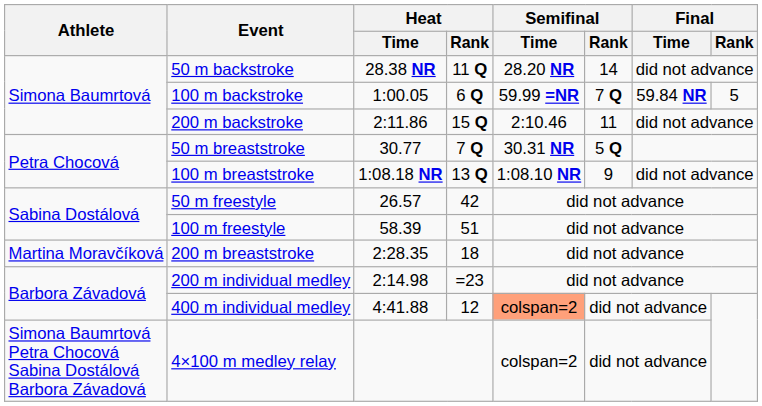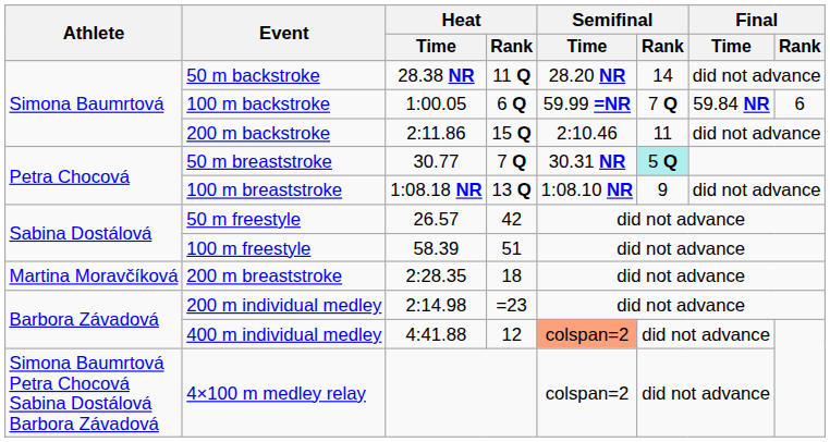 <table class=wikitable style="font-size:90%">
 <tr>
 <th rowspan="2">Athlete</th>
 <th rowspan="2">Event</th>
 <th colspan="2">Heat</th>
 <th colspan="2">Semifinal</th>
 <th colspan="2">Final</th>
 </tr>
 <tr style="font-size:95%">
 <th>Time</th>
 <th>Rank</th>
 <th>Time</th>
 <th>Rank</th>
 <th>Time</th>
 <th>Rank</th>
 </tr>
 <tr align=center>
 <td align=left rowspan=3><a href='#'>Simona Baumrtová</a></td>
 <td align=left><a href='#'>50 m backstroke</a></td>
 <td>28.38 <strong><a href='#'>NR</a></strong></td>
 <td>11 <strong>Q</strong></td>
 <td>28.20 <strong><a href='#'>NR</a></strong></td>
 <td>14</td>
 <td colspan=2>did not advance</td>
 </tr>
 <tr align=center>
 <td align=left><a href='#'>100 m backstroke</a></td>
 <td>1:00.05</td>
 <td>6 <strong>Q</strong></td>
 <td>59.99 <strong><a href='#'>=NR</a></strong></td>
 <td>7 <strong>Q</strong></td>
 <td>59.84 <strong><a href='#'>NR</a></strong></td>
-<td>5</td>
+<td>6</td>
 </tr>
 <tr align=center>
 <td align=left><a href='#'>200 m backstroke</a></td>
 <td>2:11.86</td>
 <td>15 <strong>Q</strong></td>
 <td>2:10.46</td>
 <td>11</td>
 <td colspan=2>did not advance</td>
 </tr>
 <tr align=center>
 <td align=left rowspan=2><a href='#'>Petra Chocová</a></td>
 <td align=left><a href='#'>50 m breaststroke</a></td>
 <td>30.77</td>
 <td>7 <strong>Q</strong></td>
 <td>30.31 <strong><a href='#'>NR</a></strong></td>
-<td>5 <strong>Q</strong></td>
+<td style="background: paleturquoise;">5 <strong>Q</strong></td>
 <td colspan=2></td>
 </tr>
 <tr align=center>
 <td align=left><a href='#'>100 m breaststroke</a></td>
 <td>1:08.18 <strong><a href='#'>NR</a></strong></td>
 <td>13 <strong>Q</strong></td>
 <td>1:08.10 <strong><a href='#'>NR</a></strong></td>
 <td>9</td>
 <td colspan=2>did not advance</td>
 </tr>
 <tr align=center>
 <td align=left rowspan=2><a href='#'>Sabina Dostálová</a></td>
 <td align=left><a href='#'>50 m freestyle</a></td>
 <td>26.57</td>
 <td>42</td>
 <td colspan=4>did not advance</td>
 </tr>
 <tr align=center>
 <td align=left><a href='#'>100 m freestyle</a></td>
 <td>58.39</td>
 <td>51</td>
 <td colspan=4>did not advance</td>
 </tr>
 <tr align=center>
 <td align=left><a href='#'>Martina Moravčíková</a></td>
 <td align=left><a href='#'>200 m breaststroke</a></td>
 <td>2:28.35</td>
 <td>18</td>
 <td colspan=4>did not advance</td>
 </tr>
 <tr align=center>
 <td align=left rowspan=2><a href='#'>Barbora Závadová</a></td>
 <td align=left><a href='#'>200 m individual medley</a></td>
 <td>2:14.98</td>
 <td>=23</td>
 <td colspan=4>did not advance</td>
 </tr>
 <tr align=center>
 <td align=left><a href='#'>400 m individual medley</a></td>
 <td>4:41.88</td>
 <td>12</td>
 <td style="background: lightsalmon;">colspan=2 </td>
 <td colspan=2>did not advance</td>
 </tr>
 <tr align=center>
 <td align=left><a href='#'>Simona Baumrtová</a><br><a href='#'>Petra Chocová</a><br><a href='#'>Sabina Dostálová</a><br><a href='#'>Barbora Závadová</a></td>
 <td align=left><a href='#'>4×100 m medley relay</a></td>
 <td colspan=2></td>
 <td>colspan=2 </td>
 <td colspan=2>did not advance</td>
 </tr>
 </table>
